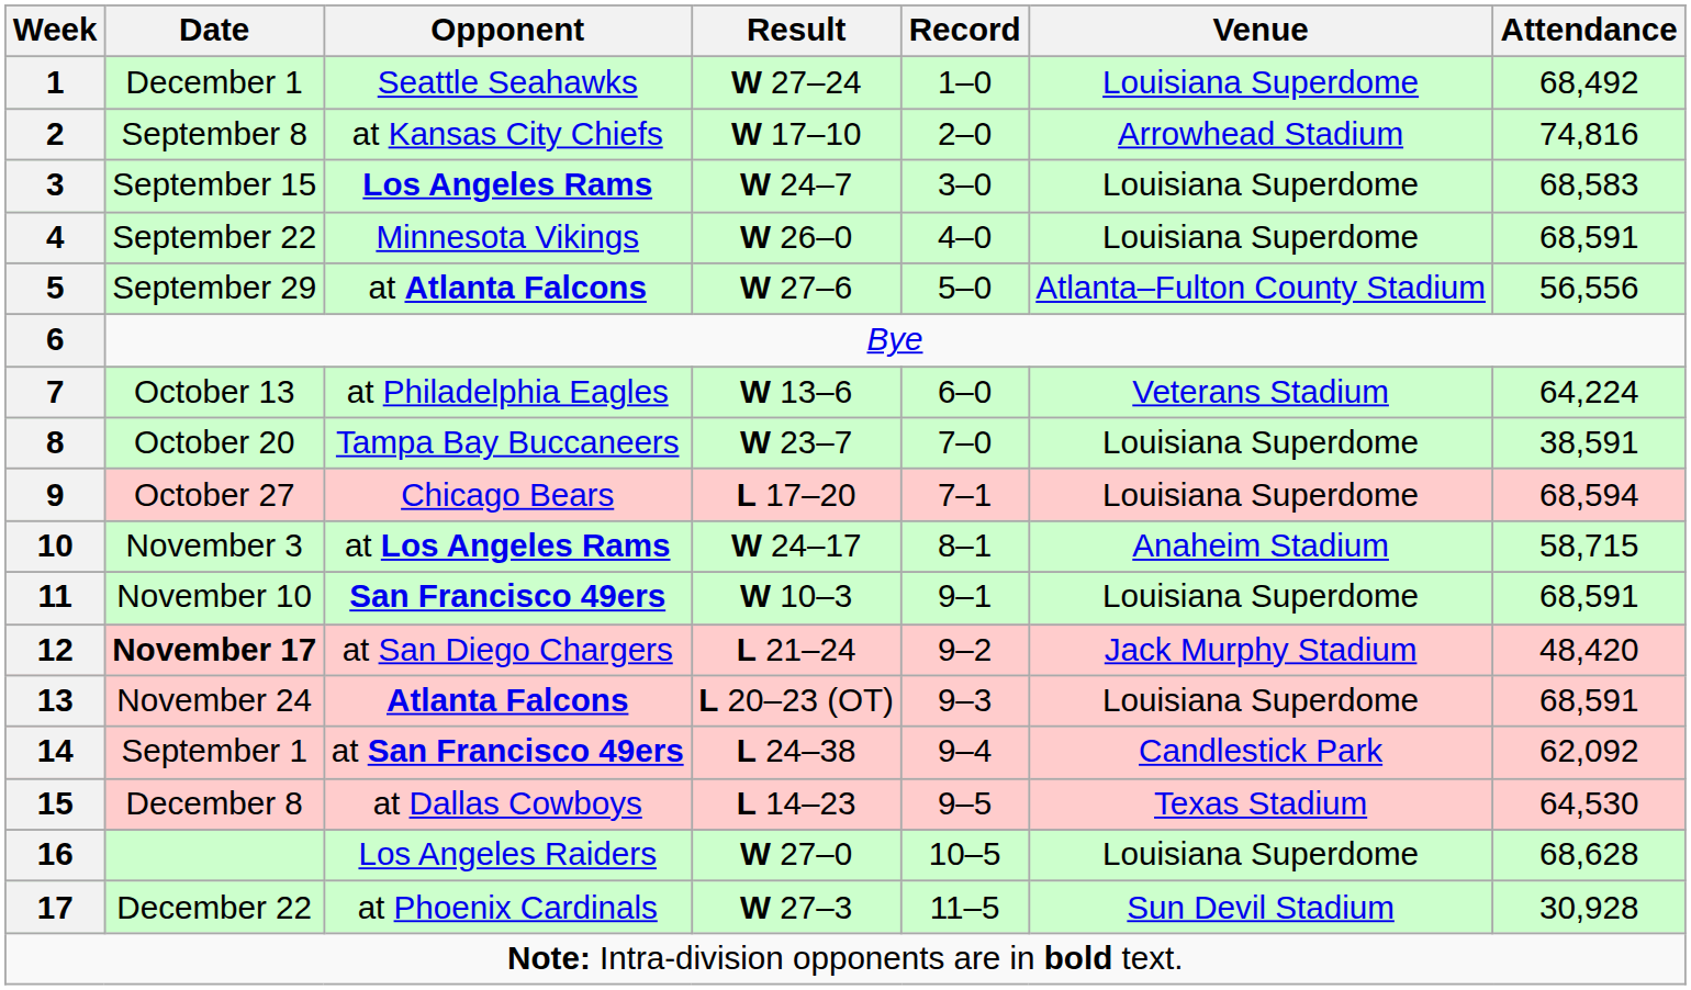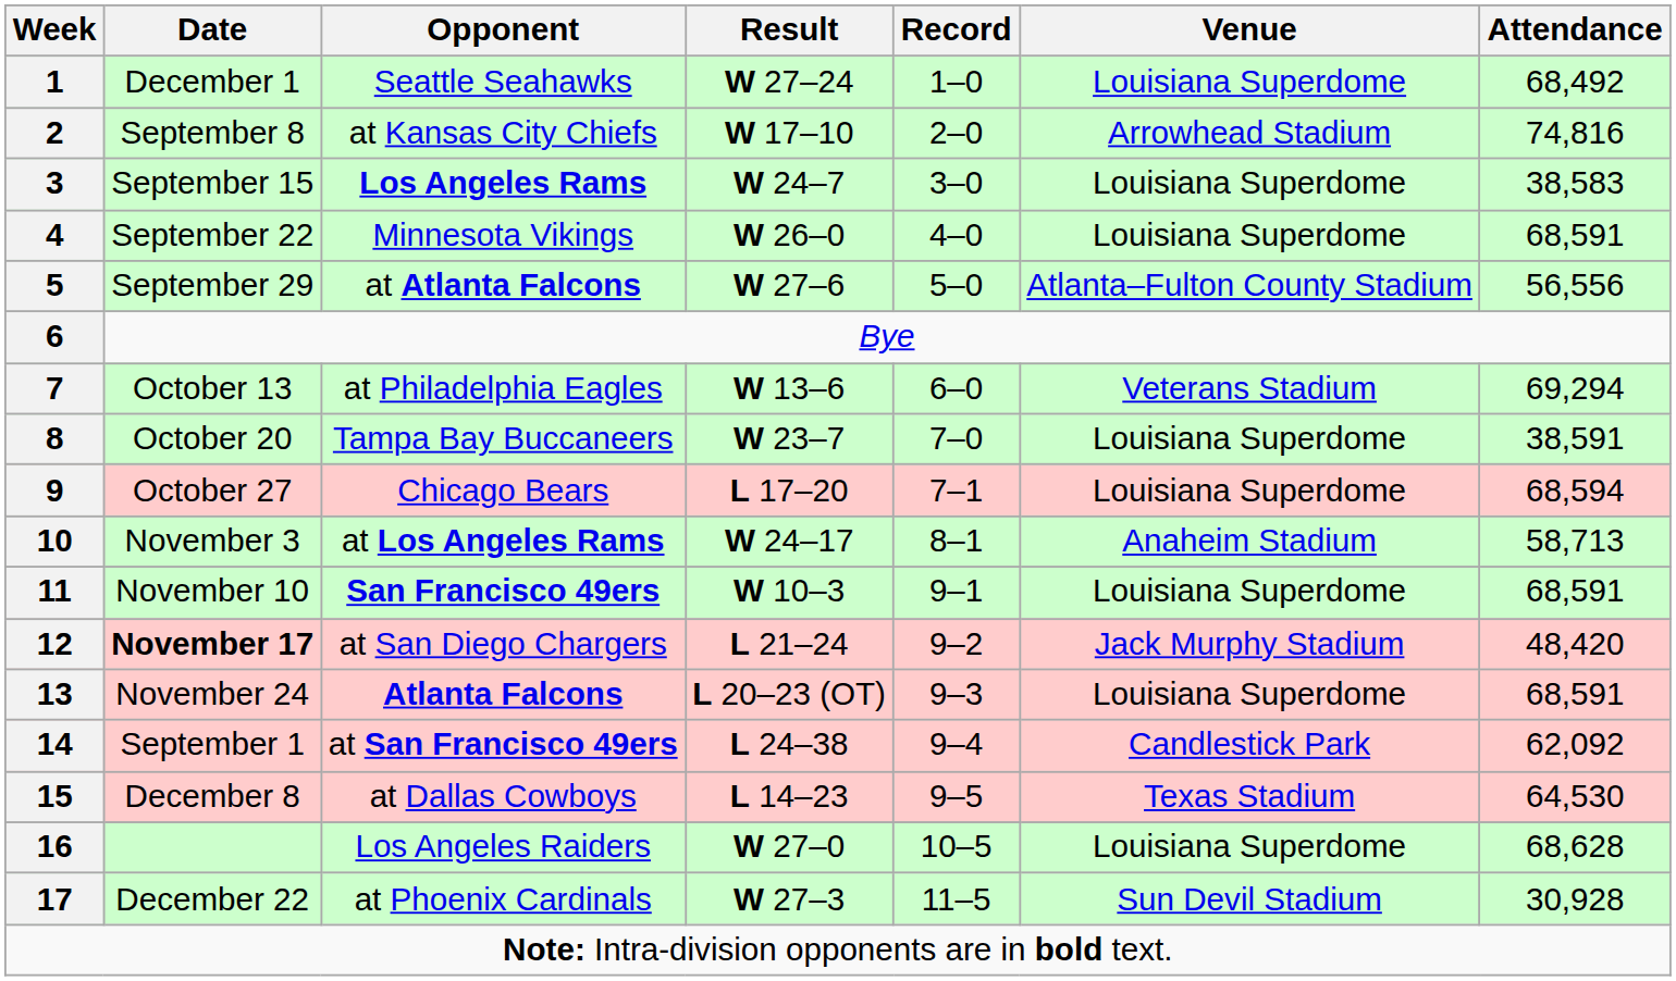 <table class="wikitable" style="text-align:center">
 <tr>
 <th>Week</th>
 <th>Date</th>
 <th>Opponent</th>
 <th>Result</th>
 <th>Record</th>
 <th>Venue</th>
 <th>Attendance</th>
 </tr>
 <tr style="background:#cfc">
 <th>1</th>
 <td>December 1</td>
 <td><a href='#'>Seattle Seahawks</a></td>
 <td><strong>W</strong> 27–24</td>
 <td>1–0</td>
 <td><a href='#'>Louisiana Superdome</a></td>
 <td>68,492</td>
 </tr>
 <tr style="background:#cfc">
 <th>2</th>
 <td>September 8</td>
 <td>at <a href='#'>Kansas City Chiefs</a></td>
 <td><strong>W</strong> 17–10</td>
 <td>2–0</td>
 <td><a href='#'>Arrowhead Stadium</a></td>
 <td>74,816</td>
 </tr>
 <tr style="background:#cfc">
 <th>3</th>
 <td>September 15</td>
 <td><strong><a href='#'>Los Angeles Rams</a></strong></td>
 <td><strong>W</strong> 24–7</td>
 <td>3–0</td>
 <td>Louisiana Superdome</td>
-<td>68,583</td>
+<td>38,583</td>
 </tr>
 <tr style="background:#cfc">
 <th>4</th>
 <td>September 22</td>
 <td><a href='#'>Minnesota Vikings</a></td>
 <td><strong>W</strong> 26–0</td>
 <td>4–0</td>
 <td>Louisiana Superdome</td>
 <td>68,591</td>
 </tr>
 <tr style="background:#cfc">
 <th>5</th>
 <td>September 29</td>
 <td>at <strong><a href='#'>Atlanta Falcons</a></strong></td>
 <td><strong>W</strong> 27–6</td>
 <td>5–0</td>
 <td><a href='#'>Atlanta–Fulton County Stadium</a></td>
 <td>56,556</td>
 </tr>
 <tr align="center">
 <th>6</th>
 <td colspan="6"><em><a href='#'>Bye</a></em></td>
 </tr>
 <tr style="background:#cfc">
 <th>7</th>
 <td>October 13</td>
 <td>at <a href='#'>Philadelphia Eagles</a></td>
 <td><strong>W</strong> 13–6</td>
 <td>6–0</td>
 <td><a href='#'>Veterans Stadium</a></td>
-<td>64,224</td>
+<td>69,294</td>
 </tr>
 <tr style="background:#cfc">
 <th>8</th>
 <td>October 20</td>
 <td><a href='#'>Tampa Bay Buccaneers</a></td>
 <td><strong>W</strong> 23–7</td>
 <td>7–0</td>
 <td>Louisiana Superdome</td>
 <td>38,591</td>
 </tr>
 <tr style="background:#fcc">
 <th>9</th>
 <td>October 27</td>
 <td><a href='#'>Chicago Bears</a></td>
 <td><strong>L</strong> 17–20</td>
 <td>7–1</td>
 <td>Louisiana Superdome</td>
 <td>68,594</td>
 </tr>
 <tr style="background:#cfc">
 <th>10</th>
 <td>November 3</td>
 <td>at <strong><a href='#'>Los Angeles Rams</a></strong></td>
 <td><strong>W</strong> 24–17</td>
 <td>8–1</td>
 <td><a href='#'>Anaheim Stadium</a></td>
-<td>58,715</td>
+<td>58,713</td>
 </tr>
 <tr style="background:#cfc">
 <th>11</th>
 <td>November 10</td>
 <td><strong><a href='#'>San Francisco 49ers</a></strong></td>
 <td><strong>W</strong> 10–3</td>
 <td>9–1</td>
 <td>Louisiana Superdome</td>
 <td>68,591</td>
 </tr>
 <tr style="background:#fcc">
 <th>12</th>
 <td><strong>November 17</strong></td>
 <td>at <a href='#'>San Diego Chargers</a></td>
 <td><strong>L</strong> 21–24</td>
 <td>9–2</td>
 <td><a href='#'>Jack Murphy Stadium</a></td>
 <td>48,420</td>
 </tr>
 <tr style="background:#fcc">
 <th>13</th>
 <td>November 24</td>
 <td><strong><a href='#'>Atlanta Falcons</a></strong></td>
 <td><strong>L</strong> 20–23 (OT)</td>
 <td>9–3</td>
 <td>Louisiana Superdome</td>
 <td>68,591</td>
 </tr>
 <tr style="background:#fcc">
 <th>14</th>
 <td>September 1</td>
 <td>at <strong><a href='#'>San Francisco 49ers</a></strong></td>
 <td><strong>L</strong> 24–38</td>
 <td>9–4</td>
 <td><a href='#'>Candlestick Park</a></td>
 <td>62,092</td>
 </tr>
 <tr style="background:#fcc">
 <th>15</th>
 <td>December 8</td>
 <td>at <a href='#'>Dallas Cowboys</a></td>
 <td><strong>L</strong> 14–23</td>
 <td>9–5</td>
 <td><a href='#'>Texas Stadium</a></td>
 <td>64,530</td>
 </tr>
 <tr style="background:#cfc">
 <th>16</th>
 <td></td>
 <td><a href='#'>Los Angeles Raiders</a></td>
 <td><strong>W</strong> 27–0</td>
 <td>10–5</td>
 <td>Louisiana Superdome</td>
 <td>68,628</td>
 </tr>
 <tr style="background:#cfc">
 <th>17</th>
 <td>December 22</td>
 <td>at <a href='#'>Phoenix Cardinals</a></td>
 <td><strong>W</strong> 27–3</td>
 <td>11–5</td>
 <td><a href='#'>Sun Devil Stadium</a></td>
 <td>30,928</td>
 </tr>
 <tr>
 <td colspan="7"><strong>Note:</strong> Intra-division opponents are in <strong>bold</strong> text.</td>
 </tr>
 </table>
